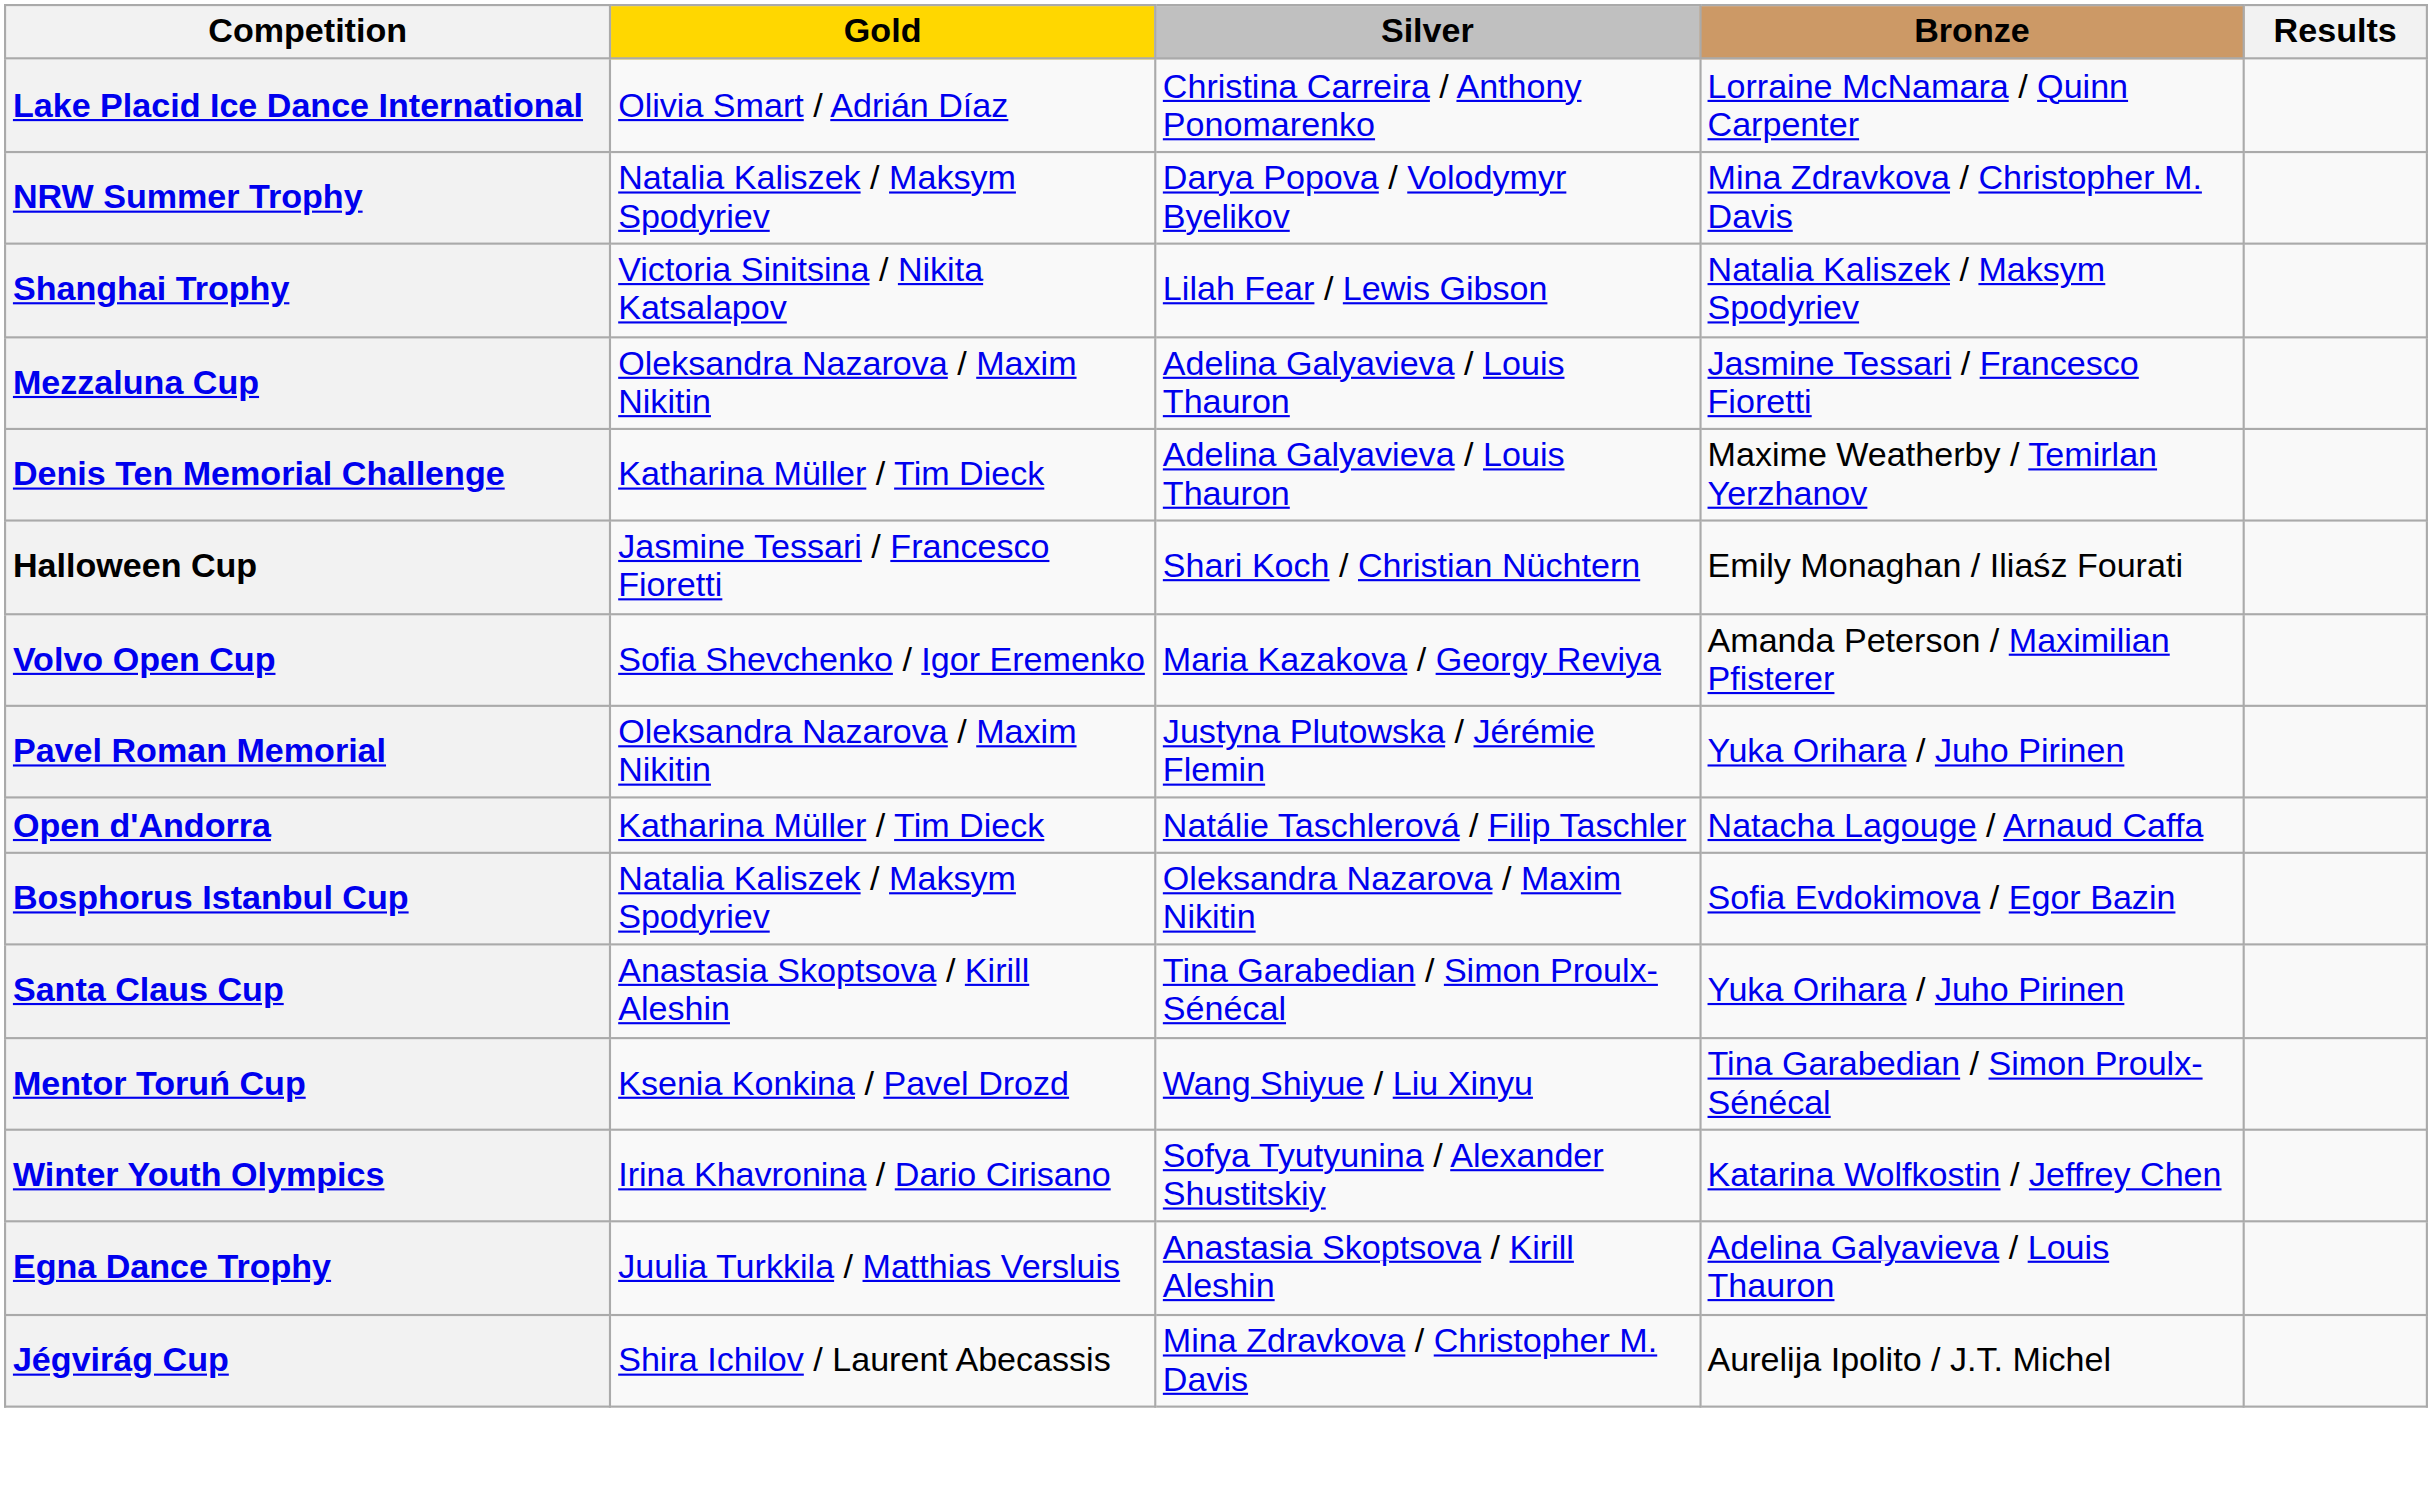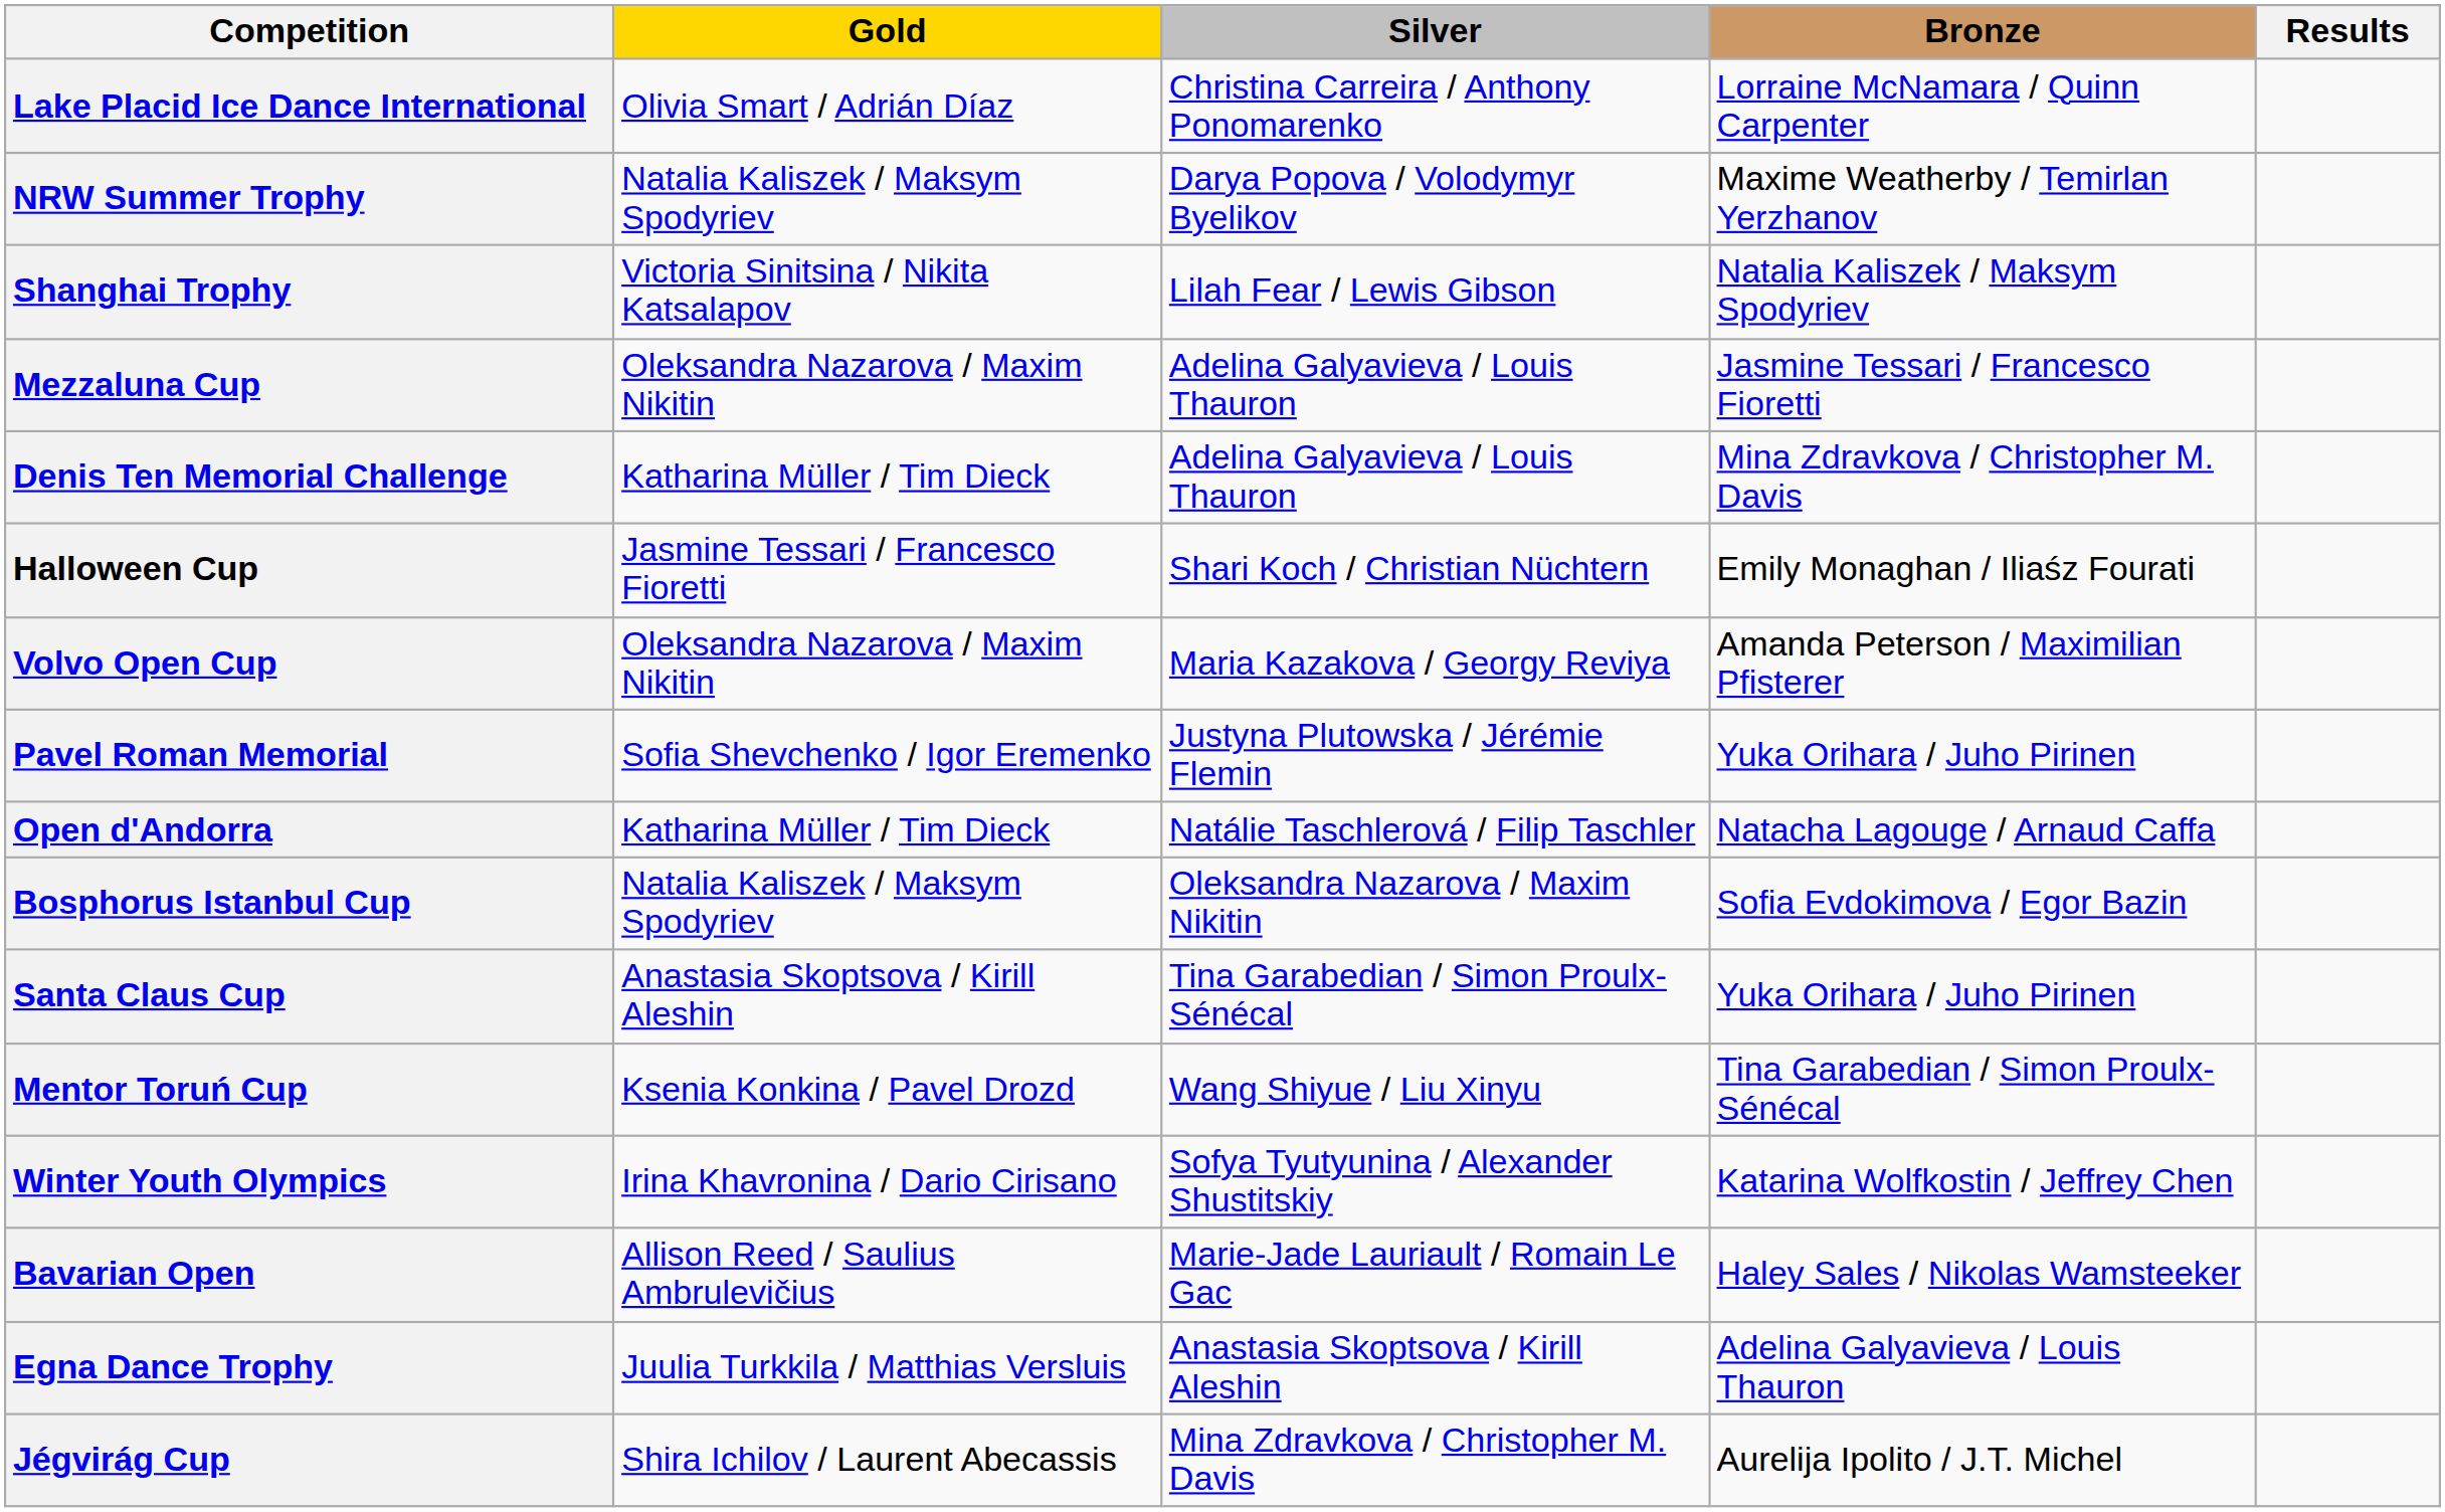 <table class="wikitable unsortable" style="text-align:left; width:90%;">
 <tr>
 <th scope="col" style="text-align:center; width:25%;">Competition</th>
 <td scope="col" style="text-align:center; width:22.5%; background:gold"><strong>Gold</strong></td>
 <td scope="col" style="text-align:center; width:22.5%; background:silver"><strong>Silver</strong></td>
 <td scope="col" style="text-align:center; width:22.5%; background:#c96"><strong>Bronze</strong></td>
 <th scope="col" style="text-align:center; width:7.5%;">Results</th>
 </tr>
 <tr>
 <th scope="row" style="text-align:left"> <a href='#'>Lake Placid Ice Dance International</a></th>
 <td> <a href='#'>Olivia Smart</a> / <a href='#'>Adrián Díaz</a></td>
 <td> <a href='#'>Christina Carreira</a> / <a href='#'>Anthony Ponomarenko</a></td>
 <td> <a href='#'>Lorraine McNamara</a> / <a href='#'>Quinn Carpenter</a></td>
 <td></td>
 </tr>
 <tr>
 <th scope="row" style="text-align:left"> <a href='#'>NRW Summer Trophy</a></th>
 <td> <a href='#'>Natalia Kaliszek</a> / <a href='#'>Maksym Spodyriev</a></td>
 <td> <a href='#'>Darya Popova</a> / <a href='#'>Volodymyr Byelikov</a></td>
-<td> <a href='#'>Mina Zdravkova</a> / <a href='#'>Christopher M. Davis</a></td>
+<td> Maxime Weatherby / <a href='#'>Temirlan Yerzhanov</a></td>
 <td></td>
 </tr>
 <tr>
 <th scope="row" style="text-align:left"> <a href='#'>Shanghai Trophy</a></th>
 <td> <a href='#'>Victoria Sinitsina</a> / <a href='#'>Nikita Katsalapov</a></td>
 <td> <a href='#'>Lilah Fear</a> / <a href='#'>Lewis Gibson</a></td>
 <td> <a href='#'>Natalia Kaliszek</a> / <a href='#'>Maksym Spodyriev</a></td>
 <td></td>
 </tr>
 <tr>
 <th scope="row" style="text-align:left"> <a href='#'>Mezzaluna Cup</a></th>
 <td> <a href='#'>Oleksandra Nazarova</a> / <a href='#'>Maxim Nikitin</a></td>
 <td> <a href='#'>Adelina Galyavieva</a> / <a href='#'>Louis Thauron</a></td>
 <td> <a href='#'>Jasmine Tessari</a> / <a href='#'>Francesco Fioretti</a></td>
 <td></td>
 </tr>
 <tr>
 <th scope="row" style="text-align:left"> <a href='#'>Denis Ten Memorial Challenge</a></th>
 <td> <a href='#'>Katharina Müller</a> / <a href='#'>Tim Dieck</a></td>
 <td> <a href='#'>Adelina Galyavieva</a> / <a href='#'>Louis Thauron</a></td>
-<td> Maxime Weatherby / <a href='#'>Temirlan Yerzhanov</a></td>
+<td> <a href='#'>Mina Zdravkova</a> / <a href='#'>Christopher M. Davis</a></td>
 <td></td>
 </tr>
 <tr>
 <th scope="row" style="text-align:left"> Halloween Cup</th>
 <td> <a href='#'>Jasmine Tessari</a> / <a href='#'>Francesco Fioretti</a></td>
 <td> <a href='#'>Shari Koch</a> / <a href='#'>Christian Nüchtern</a></td>
 <td> Emily Monaghan / Iliaśz Fourati</td>
 <td></td>
 </tr>
 <tr>
 <th scope="row" style="text-align:left"> <a href='#'>Volvo Open Cup</a></th>
-<td> <a href='#'>Sofia Shevchenko</a> / <a href='#'>Igor Eremenko</a></td>
+<td> <a href='#'>Oleksandra Nazarova</a> / <a href='#'>Maxim Nikitin</a></td>
 <td> <a href='#'>Maria Kazakova</a> / <a href='#'>Georgy Reviya</a></td>
 <td> Amanda Peterson / <a href='#'>Maximilian Pfisterer</a></td>
 <td></td>
 </tr>
 <tr>
 <th scope="row" style="text-align:left"> <a href='#'>Pavel Roman Memorial</a></th>
-<td> <a href='#'>Oleksandra Nazarova</a> / <a href='#'>Maxim Nikitin</a></td>
+<td> <a href='#'>Sofia Shevchenko</a> / <a href='#'>Igor Eremenko</a></td>
 <td> <a href='#'>Justyna Plutowska</a> / <a href='#'>Jérémie Flemin</a></td>
 <td> <a href='#'>Yuka Orihara</a> / <a href='#'>Juho Pirinen</a></td>
 <td></td>
 </tr>
 <tr>
 <th scope="row" style="text-align:left"> <a href='#'>Open d'Andorra</a></th>
 <td> <a href='#'>Katharina Müller</a> / <a href='#'>Tim Dieck</a></td>
 <td> <a href='#'>Natálie Taschlerová</a> / <a href='#'>Filip Taschler</a></td>
 <td> <a href='#'>Natacha Lagouge</a> / <a href='#'>Arnaud Caffa</a></td>
 <td></td>
 </tr>
 <tr>
 <th scope="row" style="text-align:left"> <a href='#'>Bosphorus Istanbul Cup</a></th>
 <td> <a href='#'>Natalia Kaliszek</a> / <a href='#'>Maksym Spodyriev</a></td>
 <td> <a href='#'>Oleksandra Nazarova</a> / <a href='#'>Maxim Nikitin</a></td>
 <td> <a href='#'>Sofia Evdokimova</a> / <a href='#'>Egor Bazin</a></td>
 <td></td>
 </tr>
 <tr>
 <th scope="row" style="text-align:left"> <a href='#'>Santa Claus Cup</a></th>
 <td> <a href='#'>Anastasia Skoptsova</a> / <a href='#'>Kirill Aleshin</a></td>
 <td> <a href='#'>Tina Garabedian</a> / <a href='#'>Simon Proulx-Sénécal</a></td>
 <td> <a href='#'>Yuka Orihara</a> / <a href='#'>Juho Pirinen</a></td>
 <td></td>
 </tr>
 <tr>
 <th scope="row" style="text-align:left"> <a href='#'>Mentor Toruń Cup</a></th>
 <td> <a href='#'>Ksenia Konkina</a> / <a href='#'>Pavel Drozd</a></td>
 <td> <a href='#'>Wang Shiyue</a> / <a href='#'>Liu Xinyu</a></td>
 <td> <a href='#'>Tina Garabedian</a> / <a href='#'>Simon Proulx-Sénécal</a></td>
 <td></td>
 </tr>
 <tr>
 <th scope="row" style="text-align:left"> <a href='#'>Winter Youth Olympics</a></th>
 <td> <a href='#'>Irina Khavronina</a> / <a href='#'>Dario Cirisano</a></td>
 <td> <a href='#'>Sofya Tyutyunina</a> / <a href='#'>Alexander Shustitskiy</a></td>
 <td> <a href='#'>Katarina Wolfkostin</a> / <a href='#'>Jeffrey Chen</a></td>
 <td></td>
 </tr>
 <tr>
+<th scope="row" style="text-align:left"> <a href='#'>Bavarian Open</a></th>
+<td> <a href='#'>Allison Reed</a> / <a href='#'>Saulius Ambrulevičius</a></td>
+<td> <a href='#'>Marie-Jade Lauriault</a> / <a href='#'>Romain Le Gac</a></td>
+<td> <a href='#'>Haley Sales</a> / <a href='#'>Nikolas Wamsteeker</a></td>
+<td></td>
+</tr>
+<tr>
 <th scope="row" style="text-align:left"> <a href='#'>Egna Dance Trophy</a></th>
 <td> <a href='#'>Juulia Turkkila</a> / <a href='#'>Matthias Versluis</a></td>
 <td> <a href='#'>Anastasia Skoptsova</a> / <a href='#'>Kirill Aleshin</a></td>
 <td> <a href='#'>Adelina Galyavieva</a> / <a href='#'>Louis Thauron</a></td>
 <td></td>
 </tr>
 <tr>
 <th scope="row" style="text-align:left"> <a href='#'>Jégvirág Cup</a></th>
 <td> <a href='#'>Shira Ichilov</a> / Laurent Abecassis</td>
 <td> <a href='#'>Mina Zdravkova</a> / <a href='#'>Christopher M. Davis</a></td>
 <td> Aurelija Ipolito / J.T. Michel</td>
 <td></td>
 </tr>
 </table>
